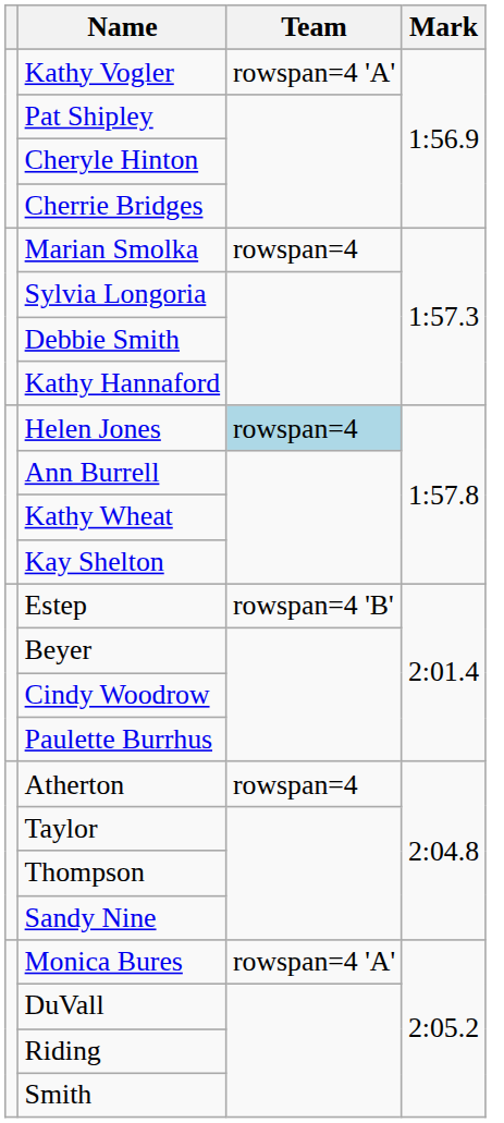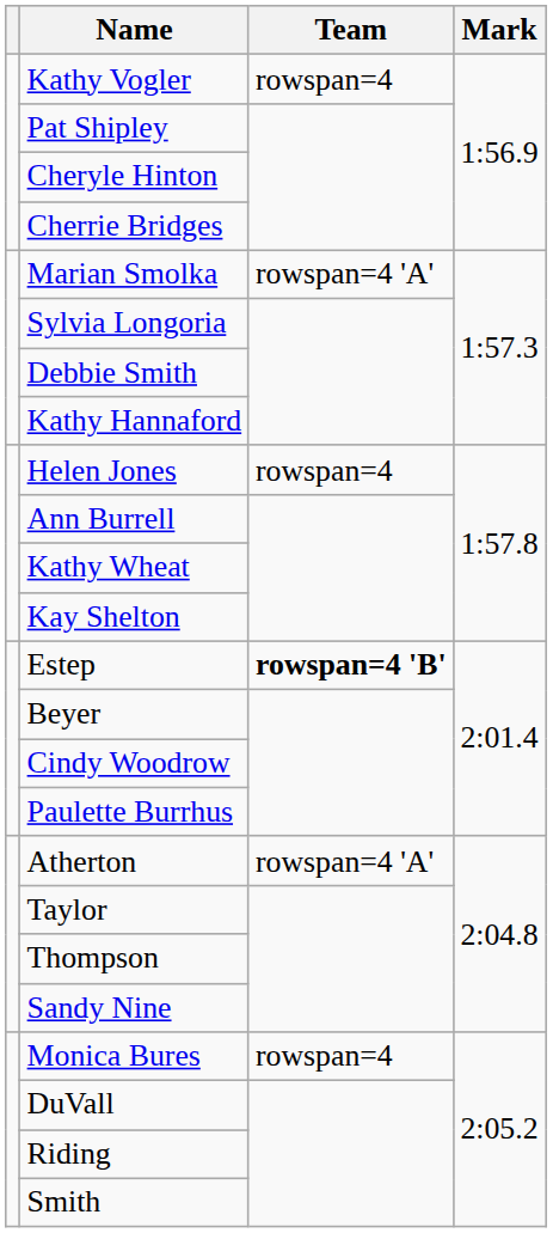 <table class=wikitable>
 <tr>
 <th></th>
 <th>Name</th>
 <th>Team</th>
 <th>Mark</th>
 </tr>
 <tr>
 <td rowspan=4></td>
 <td><a href='#'>Kathy Vogler</a></td>
-<td>rowspan=4  'A'</td>
+<td>rowspan=4 </td>
 <td rowspan=4>1:56.9</td>
 </tr>
 <tr>
 <td><a href='#'>Pat Shipley</a></td>
 </tr>
 <tr>
 <td><a href='#'>Cheryle Hinton</a></td>
 </tr>
 <tr>
 <td><a href='#'>Cherrie Bridges</a></td>
 </tr>
 <tr>
 <td rowspan=4></td>
 <td><a href='#'>Marian Smolka</a></td>
-<td>rowspan=4 </td>
+<td>rowspan=4  'A'</td>
 <td rowspan=4>1:57.3</td>
 </tr>
 <tr>
 <td><a href='#'>Sylvia Longoria</a></td>
 </tr>
 <tr>
 <td><a href='#'>Debbie Smith</a></td>
 </tr>
 <tr>
 <td><a href='#'>Kathy Hannaford</a></td>
 </tr>
 <tr>
 <td rowspan=4></td>
 <td><a href='#'>Helen Jones</a></td>
-<td style="background: lightblue;">rowspan=4 </td>
+<td>rowspan=4 </td>
 <td rowspan=4>1:57.8</td>
 </tr>
 <tr>
 <td><a href='#'>Ann Burrell</a></td>
 </tr>
 <tr>
 <td><a href='#'>Kathy Wheat</a></td>
 </tr>
 <tr>
 <td><a href='#'>Kay Shelton</a></td>
 </tr>
 <tr>
 <td rowspan=4></td>
 <td>Estep</td>
-<td>rowspan=4  'B'</td>
+<td><strong>rowspan=4  'B'</strong></td>
 <td rowspan=4>2:01.4</td>
 </tr>
 <tr>
 <td>Beyer</td>
 </tr>
 <tr>
 <td><a href='#'>Cindy Woodrow</a></td>
 </tr>
 <tr>
 <td><a href='#'>Paulette Burrhus</a></td>
 </tr>
 <tr>
 <td rowspan=4></td>
 <td>Atherton</td>
-<td>rowspan=4 </td>
+<td>rowspan=4  'A'</td>
 <td rowspan=4>2:04.8</td>
 </tr>
 <tr>
 <td>Taylor</td>
 </tr>
 <tr>
 <td>Thompson</td>
 </tr>
 <tr>
 <td><a href='#'>Sandy Nine</a></td>
 </tr>
 <tr>
 <td rowspan=4></td>
 <td><a href='#'>Monica Bures</a></td>
-<td>rowspan=4  'A'</td>
+<td>rowspan=4 </td>
 <td rowspan=4>2:05.2</td>
 </tr>
 <tr>
 <td>DuVall</td>
 </tr>
 <tr>
 <td>Riding</td>
 </tr>
 <tr>
 <td>Smith</td>
 </tr>
 </table>
